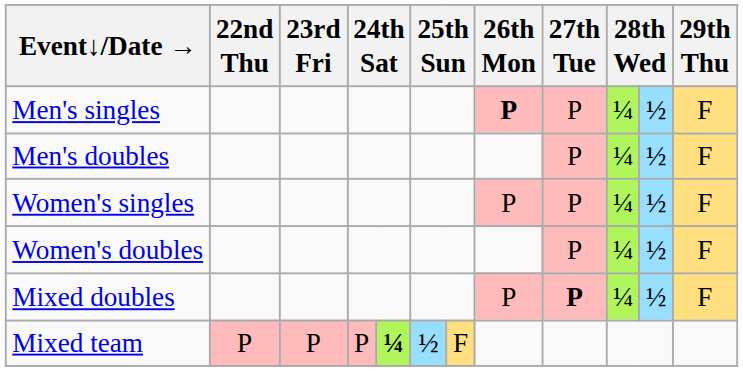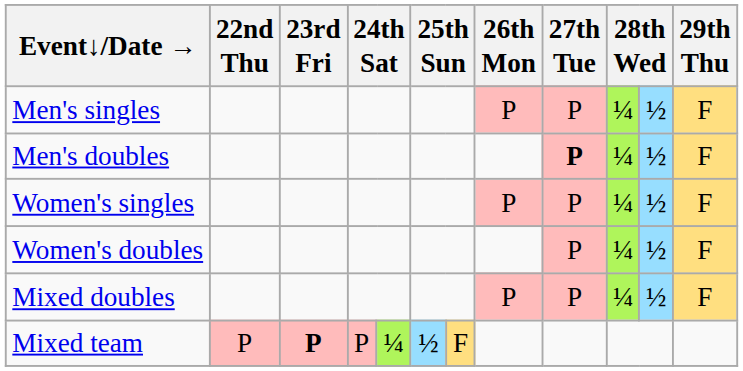 <table class="wikitable" style="margin:0.5em auto; font-size:90%; line-height:1.25em; text-align:center;">
 <tr>
 <th>Event↓/Date →</th>
 <th>22nd<br>Thu</th>
 <th>23rd<br>Fri</th>
 <th colspan=2>24th<br>Sat</th>
 <th colspan=2>25th<br>Sun</th>
 <th>26th<br>Mon</th>
 <th>27th<br>Tue</th>
 <th colspan=2>28th<br>Wed</th>
 <th>29th<br>Thu</th>
 </tr>
 <tr>
 <td align="left"><a href='#'>Men's singles</a></td>
 <td></td>
 <td></td>
 <td colspan=2></td>
 <td colspan=2></td>
-<td bgcolor="#FFBBBB"><strong>P</strong></td>
+<td bgcolor="#FFBBBB">P</td>
 <td bgcolor="#FFBBBB">P</td>
 <td bgcolor="#AFF55B">¼</td>
 <td bgcolor="#97DEFF">½</td>
 <td bgcolor="#FFDF80">F</td>
 </tr>
 <tr>
 <td align="left"><a href='#'>Men's doubles</a></td>
 <td></td>
 <td></td>
 <td colspan=2></td>
 <td colspan=2></td>
 <td></td>
-<td bgcolor="#FFBBBB">P</td>
+<td bgcolor="#FFBBBB"><strong>P</strong></td>
 <td bgcolor="#AFF55B">¼</td>
 <td bgcolor="#97DEFF">½</td>
 <td bgcolor="#FFDF80">F</td>
 </tr>
 <tr>
 <td align="left"><a href='#'>Women's singles</a></td>
 <td></td>
 <td></td>
 <td colspan=2></td>
 <td colspan=2></td>
 <td bgcolor="#FFBBBB">P</td>
 <td bgcolor="#FFBBBB">P</td>
 <td bgcolor="#AFF55B">¼</td>
 <td bgcolor="#97DEFF">½</td>
 <td bgcolor="#FFDF80">F</td>
 </tr>
 <tr>
 <td align="left"><a href='#'>Women's doubles</a></td>
 <td></td>
 <td></td>
 <td colspan=2></td>
 <td colspan=2></td>
 <td></td>
 <td bgcolor="#FFBBBB">P</td>
 <td bgcolor="#AFF55B">¼</td>
 <td bgcolor="#97DEFF">½</td>
 <td bgcolor="#FFDF80">F</td>
 </tr>
 <tr>
 <td align="left"><a href='#'>Mixed doubles</a></td>
 <td></td>
 <td></td>
 <td colspan=2></td>
 <td colspan=2></td>
 <td bgcolor="#FFBBBB">P</td>
-<td bgcolor="#FFBBBB"><strong>P</strong></td>
+<td bgcolor="#FFBBBB">P</td>
 <td bgcolor="#AFF55B">¼</td>
 <td bgcolor="#97DEFF">½</td>
 <td bgcolor="#FFDF80">F</td>
 </tr>
 <tr>
 <td align="left"><a href='#'>Mixed team</a></td>
 <td bgcolor="#FFBBBB">P</td>
+<td bgcolor="#FFBBBB"><strong>P</strong></td>
 <td bgcolor="#FFBBBB">P</td>
-<td bgcolor="#FFBBBB">P</td>
-<td bgcolor="#AFF55B"><strong>¼</strong></td>
+<td bgcolor="#AFF55B">¼</td>
 <td bgcolor="#97DEFF">½</td>
 <td bgcolor="#FFDF80">F</td>
 <td></td>
 <td></td>
 <td colspan=2></td>
 <td></td>
 </tr>
 </table>
